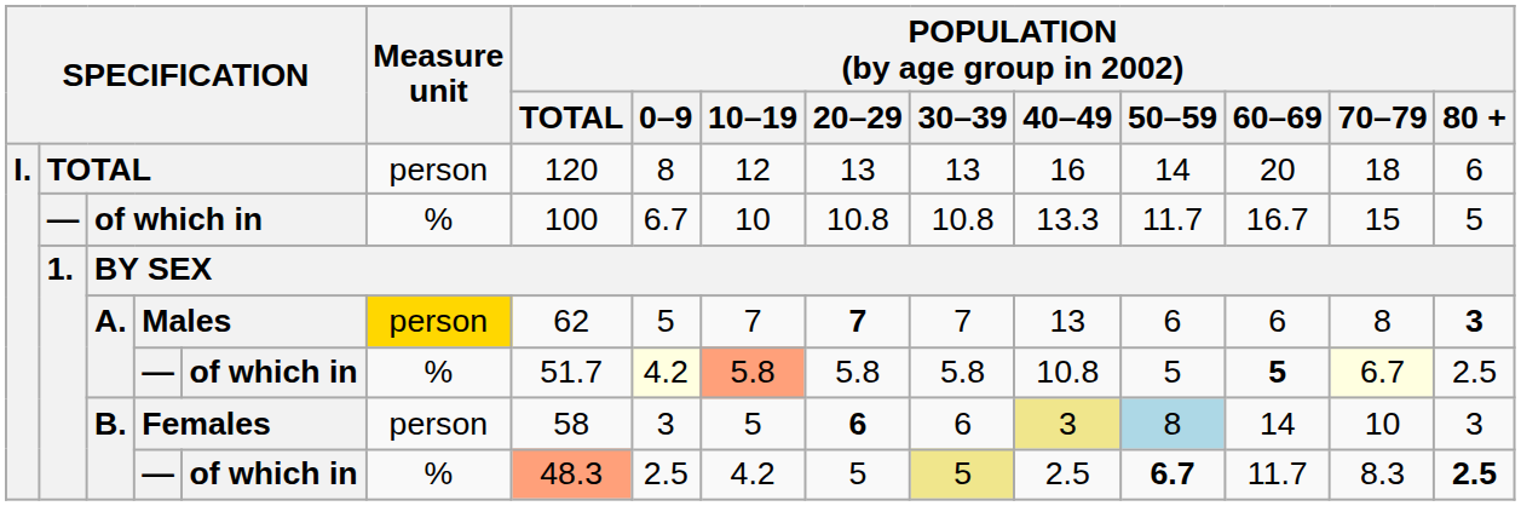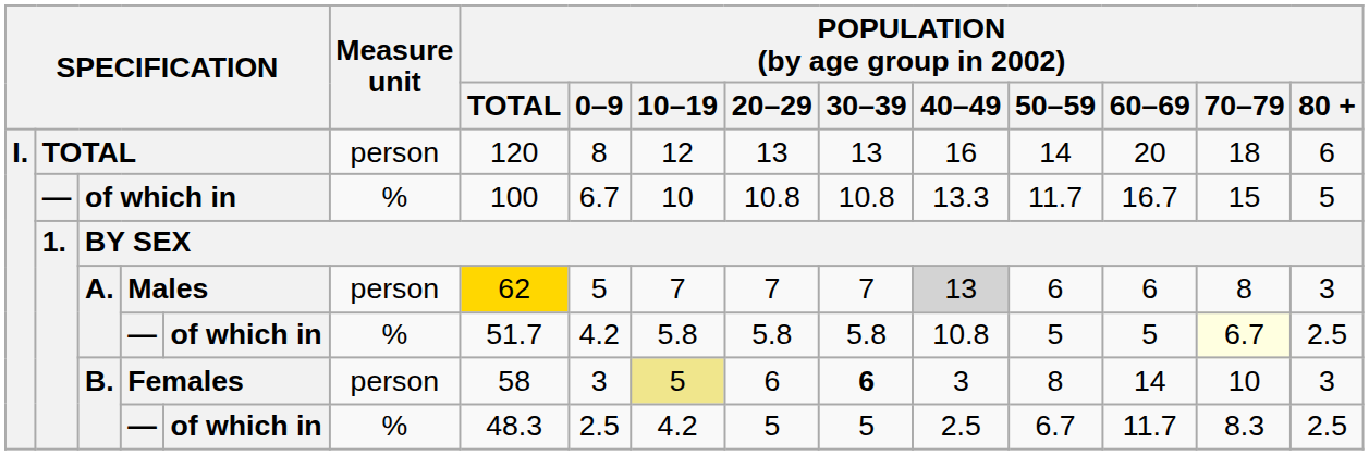 <table class="wikitable" style="font-size:85%; text-align:center">
 <tr>
 <th rowspan="2" colspan="5">SPECIFICATION</th>
 <th rowspan="2">Measure<br> unit</th>
 <th colspan="10" rowspan="1">POPULATION<br> (by age group in 2002)</th>
 </tr>
 <tr>
 <th>TOTAL</th>
 <th>0–9</th>
 <th>10–19</th>
 <th>20–29</th>
 <th>30–39</th>
 <th>40–49</th>
 <th>50–59</th>
 <th>60–69</th>
 <th>70–79</th>
 <th>80 +</th>
 </tr>
 <tr>
 <th style="text-align:left" valign="top" rowspan="7">I.</th>
 <th style="text-align:left" colspan="4">TOTAL</th>
 <td>person</td>
 <td>120</td>
 <td>8</td>
 <td>12</td>
 <td>13</td>
 <td>13</td>
 <td>16</td>
 <td>14</td>
 <td>20</td>
 <td>18</td>
 <td>6</td>
 </tr>
 <tr>
 <th style="text-align:left" valign="top">—</th>
 <th style="text-align:left" colspan="3">of which in</th>
 <td>%</td>
 <td>100</td>
 <td>6.7</td>
 <td>10</td>
 <td>10.8</td>
 <td>10.8</td>
 <td>13.3</td>
 <td>11.7</td>
 <td>16.7</td>
 <td>15</td>
 <td>5</td>
 </tr>
 <tr>
 <th style="text-align:left" valign="top" rowspan="5">1.</th>
 <th style="text-align:left" colspan="14">BY SEX</th>
 </tr>
 <tr>
 <th style="text-align:left" valign="top" rowspan="2">A.</th>
 <th style="text-align:left" colspan="2">Males</th>
-<td style="background: gold;">person</td>
-<td>62</td>
+<td>person</td>
+<td style="background: gold;">62</td>
 <td>5</td>
 <td>7</td>
-<td><strong>7</strong></td>
 <td>7</td>
-<td>13</td>
+<td>7</td>
+<td style="background: lightgrey;">13</td>
 <td>6</td>
 <td>6</td>
 <td>8</td>
-<td><strong>3</strong></td>
+<td>3</td>
 </tr>
 <tr>
 <th style="text-align:left" valign="top">—</th>
 <th style="text-align:left" colspan="1">of which in</th>
 <td>%</td>
 <td>51.7</td>
-<td style="background: lightyellow;">4.2</td>
-<td style="background: lightsalmon;">5.8</td>
+<td>4.2</td>
+<td>5.8</td>
 <td>5.8</td>
 <td>5.8</td>
 <td>10.8</td>
 <td>5</td>
-<td><strong>5</strong></td>
+<td>5</td>
 <td style="background: lightyellow;">6.7</td>
 <td>2.5</td>
 </tr>
 <tr>
 <th style="text-align:left" valign="top" rowspan="2">B.</th>
 <th style="text-align:left" colspan="2">Females</th>
 <td>person</td>
 <td>58</td>
 <td>3</td>
-<td>5</td>
+<td style="background: khaki;">5</td>
+<td>6</td>
 <td><strong>6</strong></td>
-<td>6</td>
-<td style="background: khaki;">3</td>
-<td style="background: lightblue;">8</td>
+<td>3</td>
+<td>8</td>
 <td>14</td>
 <td>10</td>
 <td>3</td>
 </tr>
 <tr>
 <th style="text-align:left" valign="top">—</th>
 <th style="text-align:left" colspan="1">of which in</th>
 <td>%</td>
-<td style="background: lightsalmon;">48.3</td>
+<td>48.3</td>
 <td>2.5</td>
 <td>4.2</td>
 <td>5</td>
-<td style="background: khaki;">5</td>
+<td>5</td>
 <td>2.5</td>
-<td><strong>6.7</strong></td>
+<td>6.7</td>
 <td>11.7</td>
 <td>8.3</td>
-<td><strong>2.5</strong></td>
+<td>2.5</td>
 </tr>
 </table>
